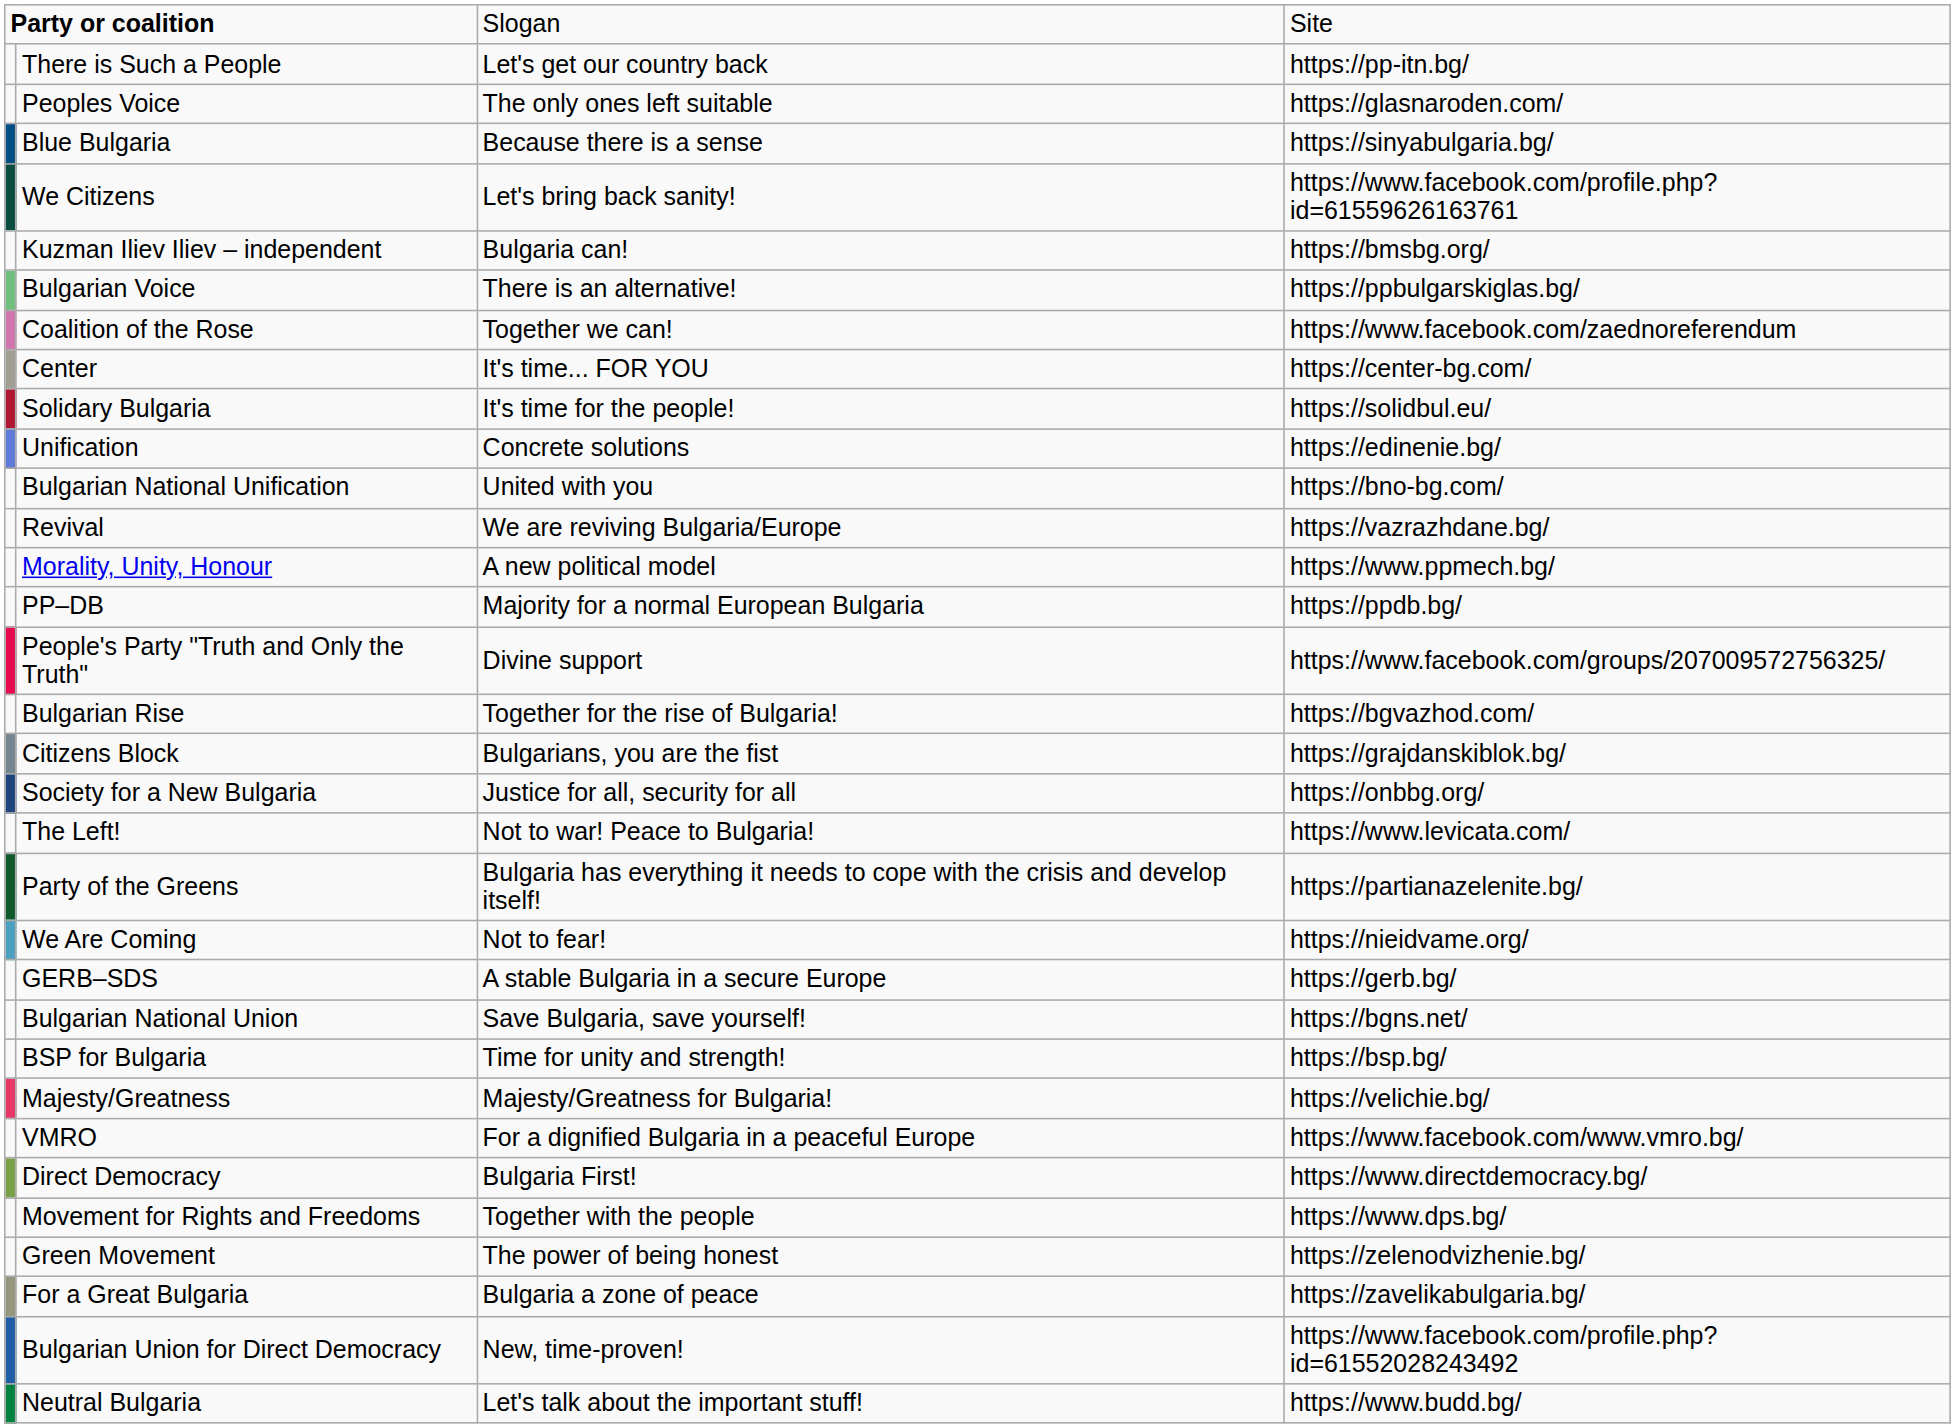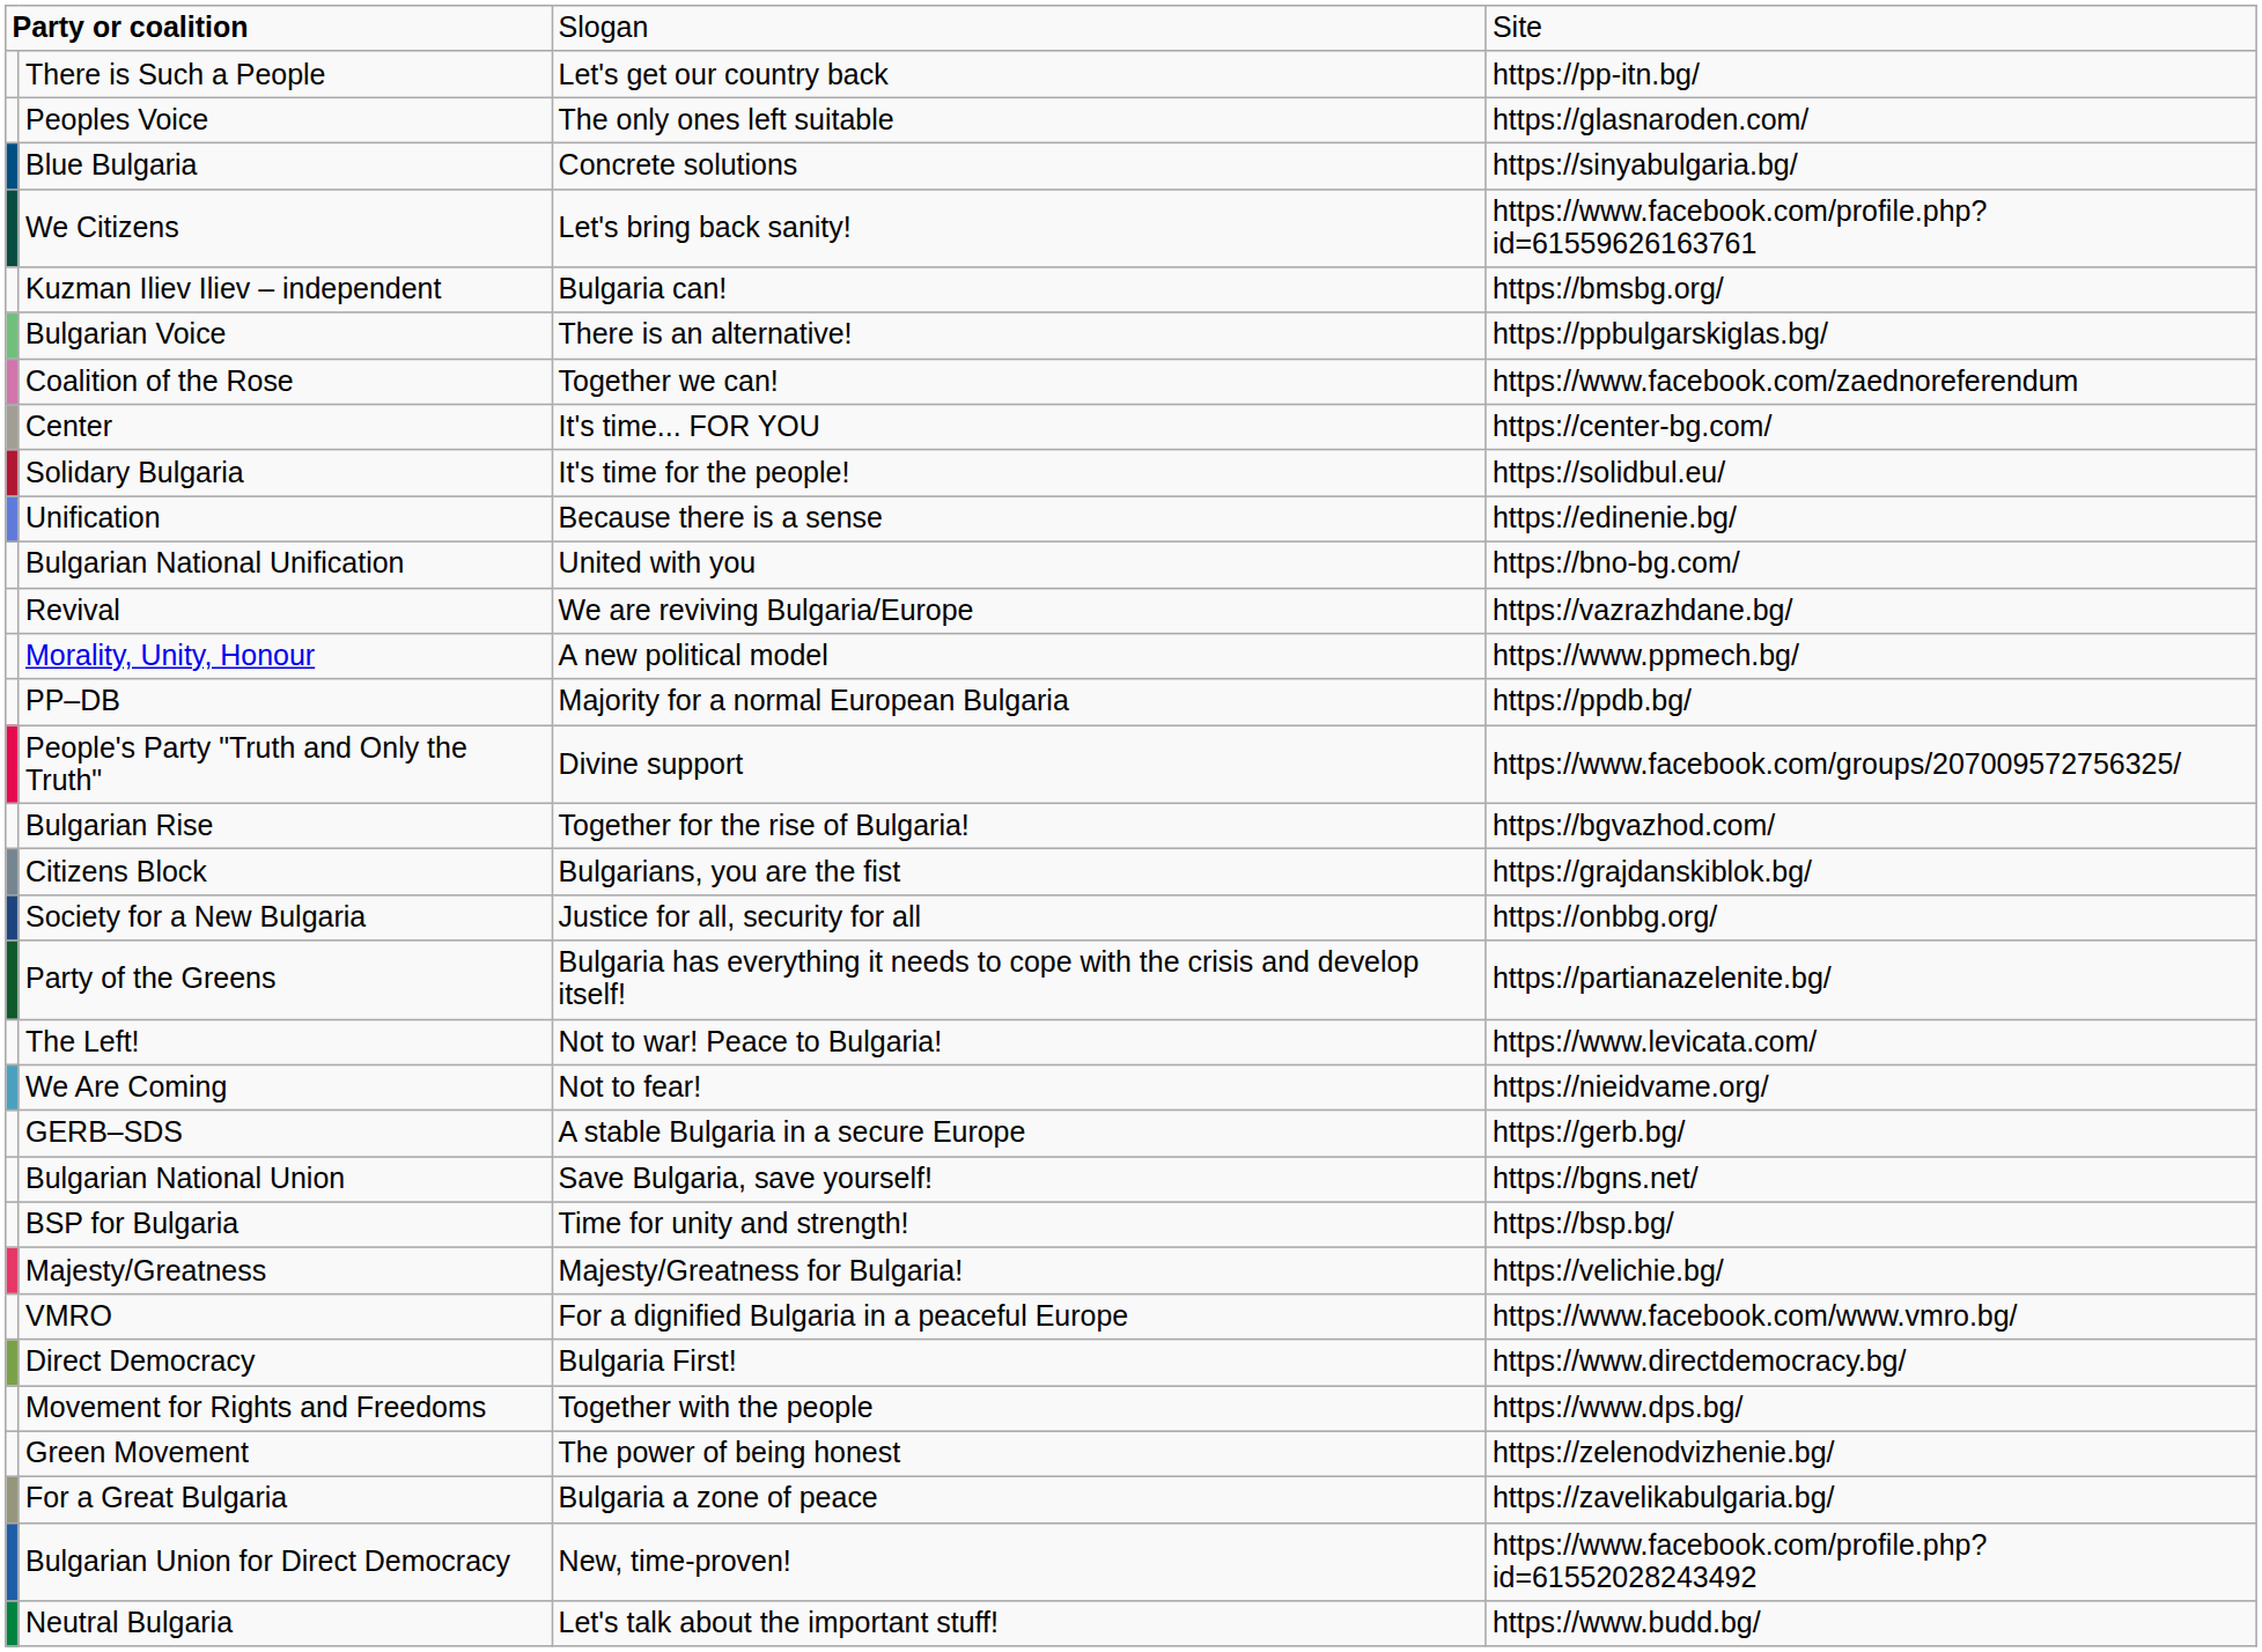 <table class="wikitable">
 <tr>
 <td colspan="2"><strong>Party or coalition</strong></td>
 <td>Slogan</td>
 <td>Site</td>
 </tr>
 <tr>
 <td style="background:"></td>
 <td>There is Such a People</td>
 <td>Let's get our country back</td>
 <td>https://pp-itn.bg/</td>
 </tr>
 <tr>
 <td style="background:"></td>
 <td>Peoples Voice</td>
 <td>The only ones left suitable</td>
 <td>https://glasnaroden.com/</td>
 </tr>
 <tr>
 <td style="background:#004E82"></td>
 <td>Blue Bulgaria</td>
-<td>Because there is a sense</td>
+<td>Concrete solutions</td>
 <td>https://sinyabulgaria.bg/</td>
 </tr>
 <tr>
 <td style="background:#094D40"></td>
 <td>We Citizens</td>
 <td>Let's bring back sanity!</td>
 <td>https://www.facebook.com/profile.php?id=61559626163761</td>
 </tr>
 <tr>
 <td style="background:"></td>
 <td>Kuzman Iliev Iliev – independent</td>
 <td>Bulgaria can!</td>
 <td>https://bmsbg.org/</td>
 </tr>
 <tr>
 <td style="background:#71bf7d"></td>
 <td>Bulgarian Voice</td>
 <td>There is an alternative!</td>
 <td>https://ppbulgarskiglas.bg/</td>
 </tr>
 <tr>
 <td style="background:#d175ac"></td>
 <td>Coalition of the Rose</td>
 <td>Together we can!</td>
 <td>https://www.facebook.com/zaednoreferendum</td>
 </tr>
 <tr>
 <td style="background:#a19f94"></td>
 <td>Center</td>
 <td>It's time... FOR YOU</td>
 <td>https://center-bg.com/</td>
 </tr>
 <tr>
 <td style="background:#b01733"></td>
 <td>Solidary Bulgaria</td>
 <td>It's time for the people!</td>
 <td>https://solidbul.eu/</td>
 </tr>
 <tr>
 <td style="background:#5f7ad9"></td>
 <td>Unification</td>
-<td>Concrete solutions</td>
+<td>Because there is a sense</td>
 <td>https://edinenie.bg/</td>
 </tr>
 <tr>
 <td style="background:"></td>
 <td>Bulgarian National Unification</td>
 <td>United with you</td>
 <td>https://bno-bg.com/ </td>
 </tr>
 <tr>
 <td style="background:"></td>
 <td>Revival</td>
 <td>We are reviving Bulgaria/Europe</td>
 <td>https://vazrazhdane.bg/</td>
 </tr>
 <tr>
 <td style="background:"></td>
 <td><a href='#'>Morality, Unity, Honour</a></td>
 <td>A new political model</td>
 <td>https://www.ppmech.bg/</td>
 </tr>
 <tr>
 <td style="background:"></td>
 <td>PP–DB</td>
 <td>Majority for a normal European Bulgaria</td>
 <td>https://ppdb.bg/</td>
 </tr>
 <tr>
 <td style="background:#E60B4F"></td>
 <td>People's Party "Truth and Only the Truth"</td>
 <td>Divine support</td>
 <td>https://www.facebook.com/groups/207009572756325/</td>
 </tr>
 <tr>
 <td style="background:"></td>
 <td>Bulgarian Rise</td>
 <td>Together for the rise of Bulgaria!</td>
 <td>https://bgvazhod.com/</td>
 </tr>
 <tr>
 <td style="background:#768691"></td>
 <td>Citizens Block</td>
 <td>Bulgarians, you are the fist</td>
 <td>https://grajdanskiblok.bg/ </td>
 </tr>
 <tr>
 <td style="background:#1e447d"></td>
 <td>Society for a New Bulgaria</td>
 <td>Justice for all, security for all</td>
 <td>https://onbbg.org/</td>
 </tr>
 <tr>
+<td style="background:#0f592a"></td>
+<td>Party of the Greens</td>
+<td>Bulgaria has everything it needs to cope with the crisis and develop itself!</td>
+<td>https://partianazelenite.bg/</td>
+</tr>
+<tr>
 <td style="background:"></td>
 <td>The Left!</td>
 <td>Not to war!  Peace to Bulgaria!</td>
 <td>https://www.levicata.com/</td>
-</tr>
-<tr>
-<td style="background:#0f592a"></td>
-<td>Party of the Greens</td>
-<td>Bulgaria has everything it needs to cope with the crisis and develop itself!</td>
-<td>https://partianazelenite.bg/</td>
 </tr>
 <tr>
 <td style="background:#4ba0bf"></td>
 <td>We Are Coming</td>
 <td>Not to fear!</td>
 <td>https://nieidvame.org/</td>
 </tr>
 <tr>
 <td style="background:"></td>
 <td>GERB–SDS</td>
 <td>A stable Bulgaria in a secure Europe</td>
 <td>https://gerb.bg/</td>
 </tr>
 <tr>
 <td style="background:"></td>
 <td>Bulgarian National Union</td>
 <td>Save Bulgaria, save yourself!</td>
 <td>https://bgns.net/</td>
 </tr>
 <tr>
 <td style="background:"></td>
 <td>BSP for Bulgaria</td>
 <td>Time for unity and strength!</td>
 <td>https://bsp.bg/</td>
 </tr>
 <tr>
 <td style="background:#e63766"></td>
 <td>Majesty/Greatness</td>
 <td>Majesty/Greatness for Bulgaria!</td>
 <td>https://velichie.bg/</td>
 </tr>
 <tr>
 <td style="background:"></td>
 <td>VMRO</td>
 <td>For a dignified Bulgaria in a peaceful Europe</td>
 <td>https://www.facebook.com/www.vmro.bg/</td>
 </tr>
 <tr>
 <td style="background:#7aa148"></td>
 <td>Direct Democracy</td>
 <td>Bulgaria First!</td>
 <td>https://www.directdemocracy.bg/</td>
 </tr>
 <tr>
 <td style="background:"></td>
 <td>Movement for Rights and Freedoms</td>
 <td>Together with the people</td>
 <td>https://www.dps.bg/</td>
 </tr>
 <tr>
 <td style="background:"></td>
 <td>Green Movement</td>
 <td>The power of being honest</td>
 <td>https://zelenodvizhenie.bg/</td>
 </tr>
 <tr>
 <td style="background:#95967b"></td>
 <td>For a Great Bulgaria</td>
 <td>Bulgaria a zone of peace</td>
 <td>https://zavelikabulgaria.bg/</td>
 </tr>
 <tr>
 <td style="background:#1F5DA6"></td>
 <td>Bulgarian Union for Direct Democracy</td>
 <td>New, time-proven!</td>
 <td>https://www.facebook.com/profile.php?id=61552028243492</td>
 </tr>
 <tr>
 <td style="background:#018340"></td>
 <td>Neutral Bulgaria</td>
 <td>Let's talk about the important stuff!</td>
 <td>https://www.budd.bg/</td>
 </tr>
 </table>
